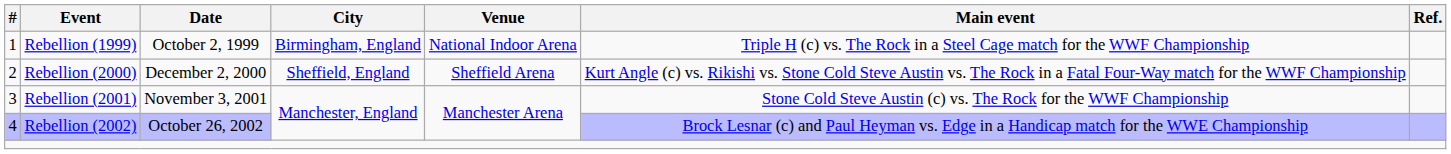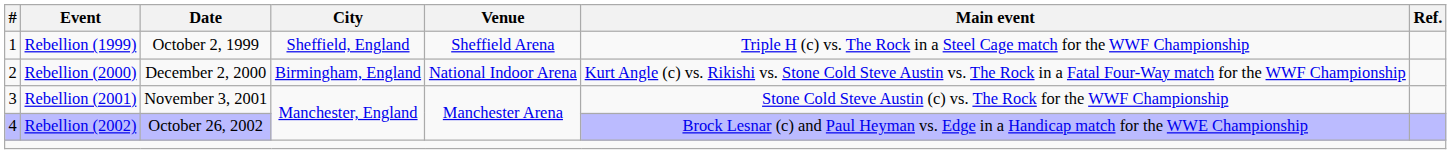 <table class="sortable wikitable succession-box" style="font-size:85%; text-align:center;">
 <tr>
 <th>#</th>
 <th>Event</th>
 <th>Date</th>
 <th>City</th>
 <th>Venue</th>
 <th>Main event</th>
 <th>Ref.</th>
 </tr>
 <tr>
 <td>1</td>
 <td><a href='#'>Rebellion (1999)</a></td>
 <td>October 2, 1999</td>
-<td><a href='#'>Birmingham, England</a></td>
-<td><a href='#'>National Indoor Arena</a></td>
+<td><a href='#'>Sheffield, England</a></td>
+<td><a href='#'>Sheffield Arena</a></td>
 <td><a href='#'>Triple H</a> (c) vs. <a href='#'>The Rock</a> in a <a href='#'>Steel Cage match</a> for the <a href='#'>WWF Championship</a></td>
 <td></td>
 </tr>
 <tr>
 <td>2</td>
 <td><a href='#'>Rebellion (2000)</a></td>
 <td>December 2, 2000</td>
-<td><a href='#'>Sheffield, England</a></td>
-<td><a href='#'>Sheffield Arena</a></td>
+<td><a href='#'>Birmingham, England</a></td>
+<td><a href='#'>National Indoor Arena</a></td>
 <td><a href='#'>Kurt Angle</a> (c) vs. <a href='#'>Rikishi</a> vs. <a href='#'>Stone Cold Steve Austin</a> vs. <a href='#'>The Rock</a> in a <a href='#'>Fatal Four-Way match</a> for the <a href='#'>WWF Championship</a></td>
 <td></td>
 </tr>
 <tr>
 <td>3</td>
 <td><a href='#'>Rebellion (2001)</a></td>
 <td>November 3, 2001</td>
 <td rowspan="2"><a href='#'>Manchester, England</a></td>
 <td rowspan="2"><a href='#'>Manchester Arena</a></td>
 <td><a href='#'>Stone Cold Steve Austin</a> (c) vs. <a href='#'>The Rock</a> for the <a href='#'>WWF Championship</a></td>
 <td></td>
 </tr>
 <tr style="background:#BBF;">
 <td>4</td>
 <td><a href='#'>Rebellion (2002)</a></td>
 <td>October 26, 2002</td>
 <td align=centre><a href='#'>Brock Lesnar</a> (c) and <a href='#'>Paul Heyman</a> vs. <a href='#'>Edge</a> in a <a href='#'>Handicap match</a> for the <a href='#'>WWE Championship</a></td>
 <td></td>
 </tr>
 <tr>
 <td colspan="10"></td>
 </tr>
 </table>
